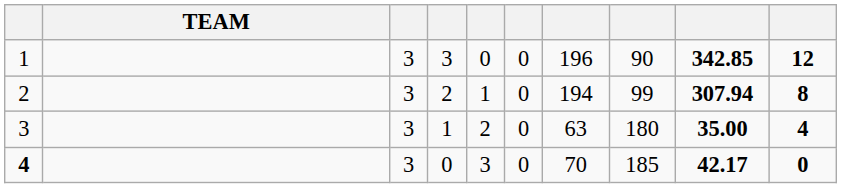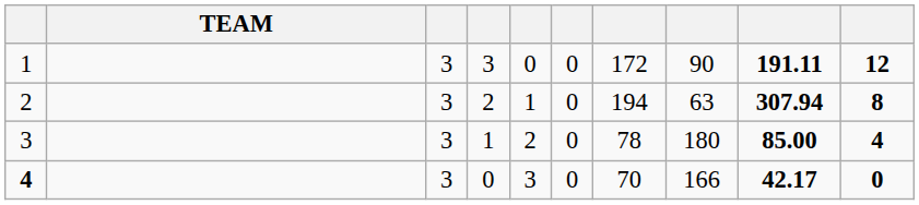 <table class="wikitable" style="text-align: center;">
 <tr>
 <th width=20></th>
 <th width=240>TEAM</th>
 <th width=20></th>
 <th width=20></th>
 <th width=20></th>
 <th width=20></th>
 <th width=40></th>
 <th width=40></th>
 <th width=60></th>
 <th width=40></th>
 </tr>
 <tr>
 <td>1</td>
 <td align="left"></td>
 <td>3</td>
 <td>3</td>
 <td>0</td>
 <td>0</td>
-<td>196</td>
+<td>172</td>
 <td>90</td>
-<td><strong>342.85</strong></td>
+<td><strong>191.11</strong></td>
 <td><strong>12</strong></td>
 </tr>
 <tr>
 <td>2</td>
 <td align="left"></td>
 <td>3</td>
 <td>2</td>
 <td>1</td>
 <td>0</td>
 <td>194</td>
-<td>99</td>
+<td>63</td>
 <td><strong>307.94</strong></td>
 <td><strong>8</strong></td>
 </tr>
 <tr>
 <td>3</td>
 <td align="left"></td>
 <td>3</td>
 <td>1</td>
 <td>2</td>
 <td>0</td>
-<td>63</td>
+<td>78</td>
 <td>180</td>
-<td><strong>35.00</strong></td>
+<td><strong>85.00</strong></td>
 <td><strong>4</strong></td>
 </tr>
 <tr>
 <td><strong>4</strong></td>
 <td align="left"></td>
 <td>3</td>
 <td>0</td>
 <td>3</td>
 <td>0</td>
 <td>70</td>
-<td>185</td>
+<td>166</td>
 <td><strong>42.17</strong></td>
 <td><strong>0</strong></td>
 </tr>
 </table>
